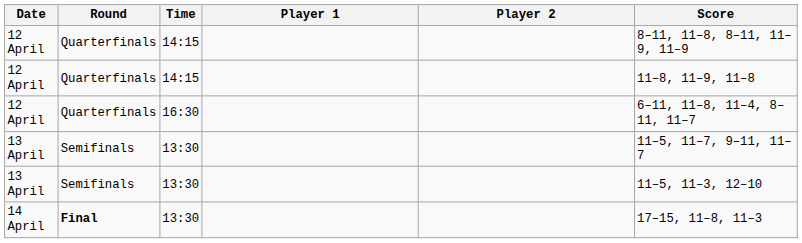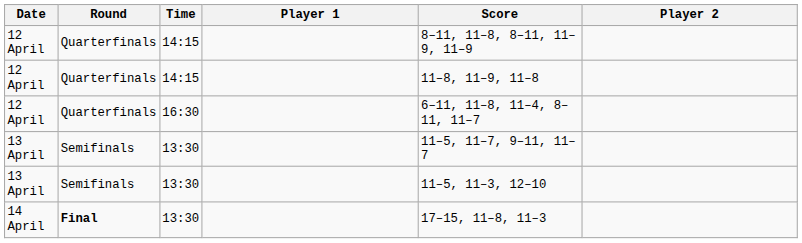 <table class="sortable wikitable" style="font-size:90%">
 <tr>
 <th width="45" class="unsortable">Date</th>
 <th width="55">Round</th>
 <th width="30">Time</th>
 <th width="200">Player 1</th>
+<th width="150" class="unsortable">Score</th>
 <th width="200">Player 2</th>
-<th width="150" class="unsortable">Score</th>
 </tr>
 <tr>
 <td>12 April</td>
 <td>Quarterfinals</td>
 <td>14:15</td>
 <td></td>
+<td>8–11, 11–8, 8–11, 11–9, 11–9</td>
 <td><strong></strong></td>
-<td>8–11, 11–8, 8–11, 11–9, 11–9</td>
 </tr>
 <tr>
 <td>12 April</td>
 <td>Quarterfinals</td>
 <td>14:15</td>
 <td><strong></strong></td>
+<td>11–8, 11–9, 11–8</td>
 <td></td>
-<td>11–8, 11–9, 11–8</td>
 </tr>
 <tr>
 <td>12 April</td>
 <td>Quarterfinals</td>
 <td>16:30</td>
 <td><strong></strong></td>
+<td>6–11, 11–8, 11–4, 8–11, 11–7</td>
 <td></td>
-<td>6–11, 11–8, 11–4, 8–11, 11–7</td>
 </tr>
 <tr>
 <td>13 April</td>
 <td>Semifinals</td>
 <td>13:30</td>
 <td><strong></strong></td>
+<td>11–5, 11–7, 9–11, 11–7</td>
 <td></td>
-<td>11–5, 11–7, 9–11, 11–7</td>
 </tr>
 <tr>
 <td>13 April</td>
 <td>Semifinals</td>
 <td>13:30</td>
 <td><strong></strong></td>
+<td>11–5, 11–3, 12–10</td>
 <td></td>
-<td>11–5, 11–3, 12–10</td>
 </tr>
 <tr>
 <td>14 April</td>
 <td><strong>Final</strong></td>
 <td>13:30</td>
 <td><strong></strong></td>
+<td>17–15, 11–8, 11–3</td>
 <td></td>
-<td>17–15, 11–8, 11–3</td>
 </tr>
 </table>
